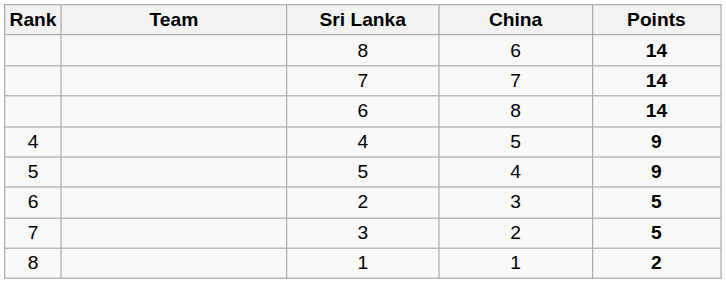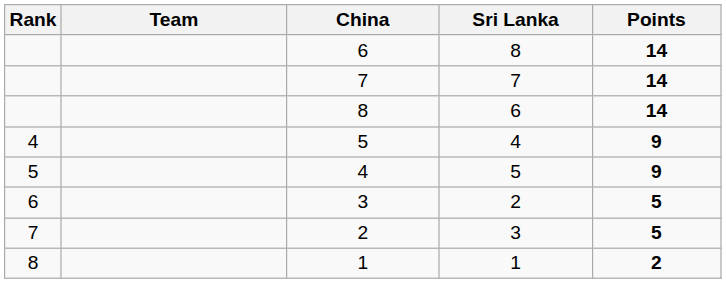 <table class="wikitable" style="text-align: center;">
 <tr>
 <th width="40">Rank</th>
 <th width="180">Team</th>
+<th width="120">China</th>
 <th width="120">Sri Lanka</th>
-<th width="120">China</th>
 <th width="100">Points</th>
 </tr>
 <tr>
 <td></td>
 <td align="left"></td>
+<td>6</td>
 <td>8</td>
-<td>6</td>
 <td><strong>14</strong></td>
 </tr>
 <tr>
 <td></td>
 <td align="left"></td>
 <td>7</td>
 <td>7</td>
 <td><strong>14</strong></td>
 </tr>
 <tr>
 <td></td>
 <td align="left"></td>
+<td>8</td>
 <td>6</td>
-<td>8</td>
 <td><strong>14</strong></td>
 </tr>
 <tr>
 <td>4</td>
+<td align="left"></td>
+<td>5</td>
+<td>4</td>
+<td><strong>9</strong></td>
+</tr>
+<tr>
+<td>5</td>
 <td align="left"></td>
 <td>4</td>
 <td>5</td>
 <td><strong>9</strong></td>
 </tr>
 <tr>
-<td>5</td>
-<td align="left"></td>
-<td>5</td>
-<td>4</td>
-<td><strong>9</strong></td>
-</tr>
-<tr>
 <td>6</td>
 <td align="left"></td>
+<td>3</td>
 <td>2</td>
-<td>3</td>
 <td><strong>5</strong></td>
 </tr>
 <tr>
 <td>7</td>
 <td align="left"></td>
+<td>2</td>
 <td>3</td>
-<td>2</td>
 <td><strong>5</strong></td>
 </tr>
 <tr>
 <td>8</td>
 <td align="left"></td>
 <td>1</td>
 <td>1</td>
 <td><strong>2</strong></td>
 </tr>
 </table>
